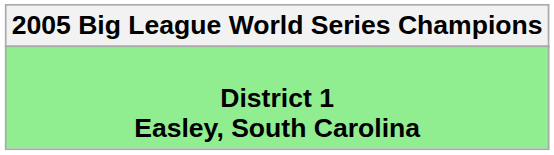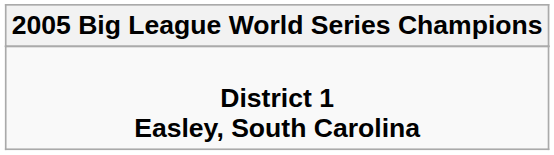 <table class="wikitable" style="text-align: center; margin: 0 auto;">
 <tr>
 <th>2005 Big League World Series Champions</th>
 </tr>
 <tr>
 </tr>
 <tr>
-<td style="background: lightgreen;"><br><strong>District 1</strong><br> <strong>Easley, South Carolina</strong></td>
+<td><br><strong>District 1</strong><br> <strong>Easley, South Carolina</strong></td>
 </tr>
 </table>
